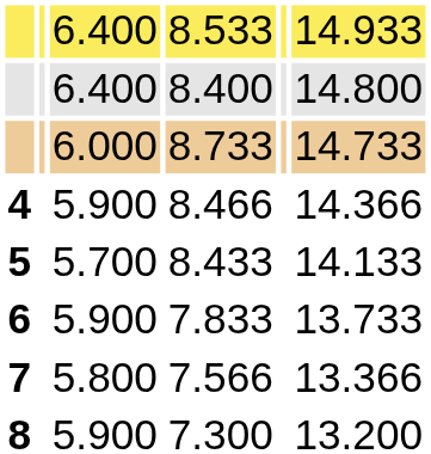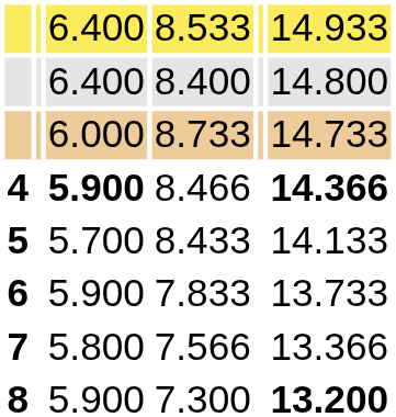 <table>
 <tr bgcolor=fbec5d>
 <th scope=row style="text-align:center"></th>
 <td align=left></td>
 <td>6.400</td>
 <td>8.533</td>
 <td></td>
 <td>14.933</td>
 </tr>
 <tr bgcolor=e5e5e5>
 <th scope=row style="text-align:center"></th>
 <td align=left></td>
 <td>6.400</td>
 <td>8.400</td>
 <td></td>
 <td>14.800</td>
 </tr>
 <tr bgcolor=eecc99>
 <th scope=row style="text-align:center"></th>
 <td align=left></td>
 <td>6.000</td>
 <td>8.733</td>
 <td></td>
 <td>14.733</td>
 </tr>
 <tr>
 <th scope=row style="text-align:center">4</th>
 <td align=left></td>
-<td>5.900</td>
+<td><strong>5.900</strong></td>
 <td>8.466</td>
 <td></td>
-<td>14.366</td>
+<td><strong>14.366</strong></td>
 </tr>
 <tr>
 <th scope=row style="text-align:center">5</th>
 <td align=left></td>
 <td>5.700</td>
 <td>8.433</td>
 <td></td>
 <td>14.133</td>
 </tr>
 <tr>
 <th scope=row style="text-align:center">6</th>
 <td align=left></td>
 <td>5.900</td>
 <td>7.833</td>
 <td></td>
 <td>13.733</td>
 </tr>
 <tr>
 <th scope=row style="text-align:center">7</th>
 <td align=left></td>
 <td>5.800</td>
 <td>7.566</td>
 <td></td>
 <td>13.366</td>
 </tr>
 <tr>
 <th scope=row style="text-align:center">8</th>
 <td align=left></td>
 <td>5.900</td>
 <td>7.300</td>
 <td></td>
-<td>13.200</td>
+<td><strong>13.200</strong></td>
 </tr>
 <tr>
 </tr>
 </table>
